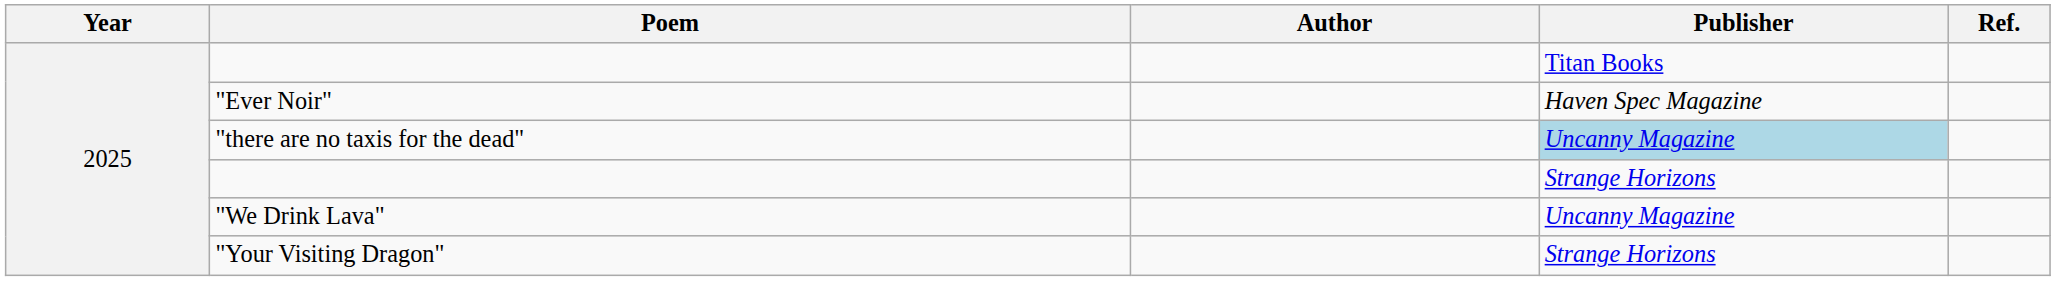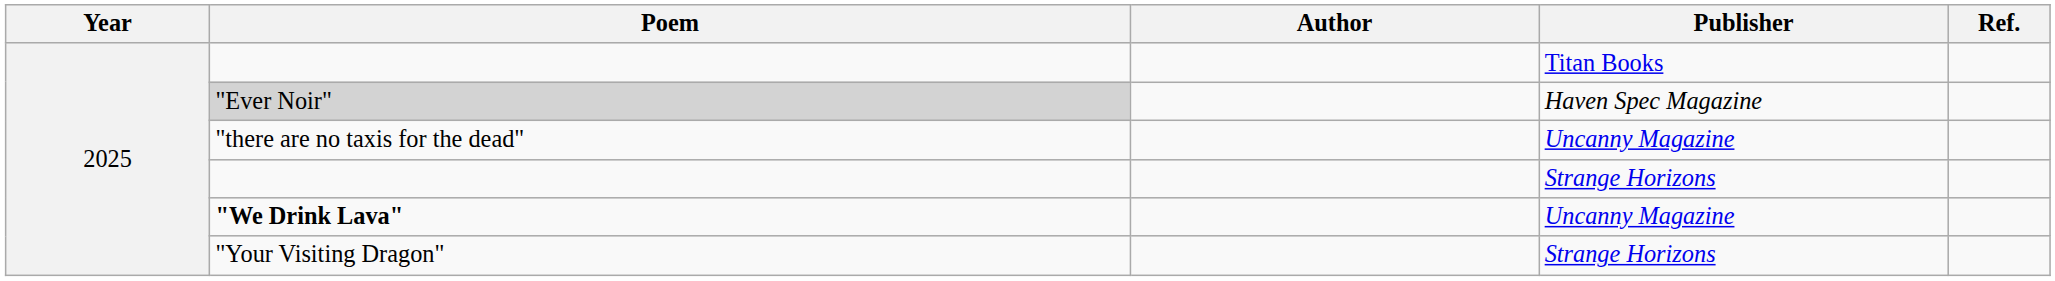 <table class="sortable wikitable" width="85%" cellpadding="5" style="margin: 1em auto 1em auto">
 <tr>
 <th width="10%" scope="col">Year</th>
 <th width="45%" scope="col">Poem</th>
 <th width="20%" scope="col">Author</th>
 <th width="20%" scope="col">Publisher</th>
 <th width="5%" scope="col" class="unsortable">Ref.</th>
 </tr>
 <tr>
 <th scope="rowgroup" align="center" rowspan="6" style="font-weight:normal;">2025</th>
 <td></td>
 <td></td>
 <td><a href='#'>Titan Books</a></td>
 <td align="center"></td>
 </tr>
 <tr>
-<td>"Ever Noir"</td>
+<td style="background: lightgrey;">"Ever Noir"</td>
 <td></td>
 <td><em>Haven Spec Magazine</em></td>
 <td align="center"></td>
 </tr>
 <tr>
 <td>"there are no taxis for the dead"</td>
 <td></td>
-<td style="background: lightblue;"><em><a href='#'>Uncanny Magazine</a></em></td>
+<td><em><a href='#'>Uncanny Magazine</a></em></td>
 <td align="center"></td>
 </tr>
 <tr>
 <td></td>
 <td></td>
 <td><em><a href='#'>Strange Horizons</a></em></td>
 <td align="center"></td>
 </tr>
 <tr>
-<td>"We Drink Lava"</td>
+<td><strong>"We Drink Lava"</strong></td>
 <td></td>
 <td><em><a href='#'>Uncanny Magazine</a></em></td>
 <td align="center"></td>
 </tr>
 <tr>
 <td>"Your Visiting Dragon"</td>
 <td></td>
 <td><em><a href='#'>Strange Horizons</a></em></td>
 <td align="center"></td>
 </tr>
 </table>
